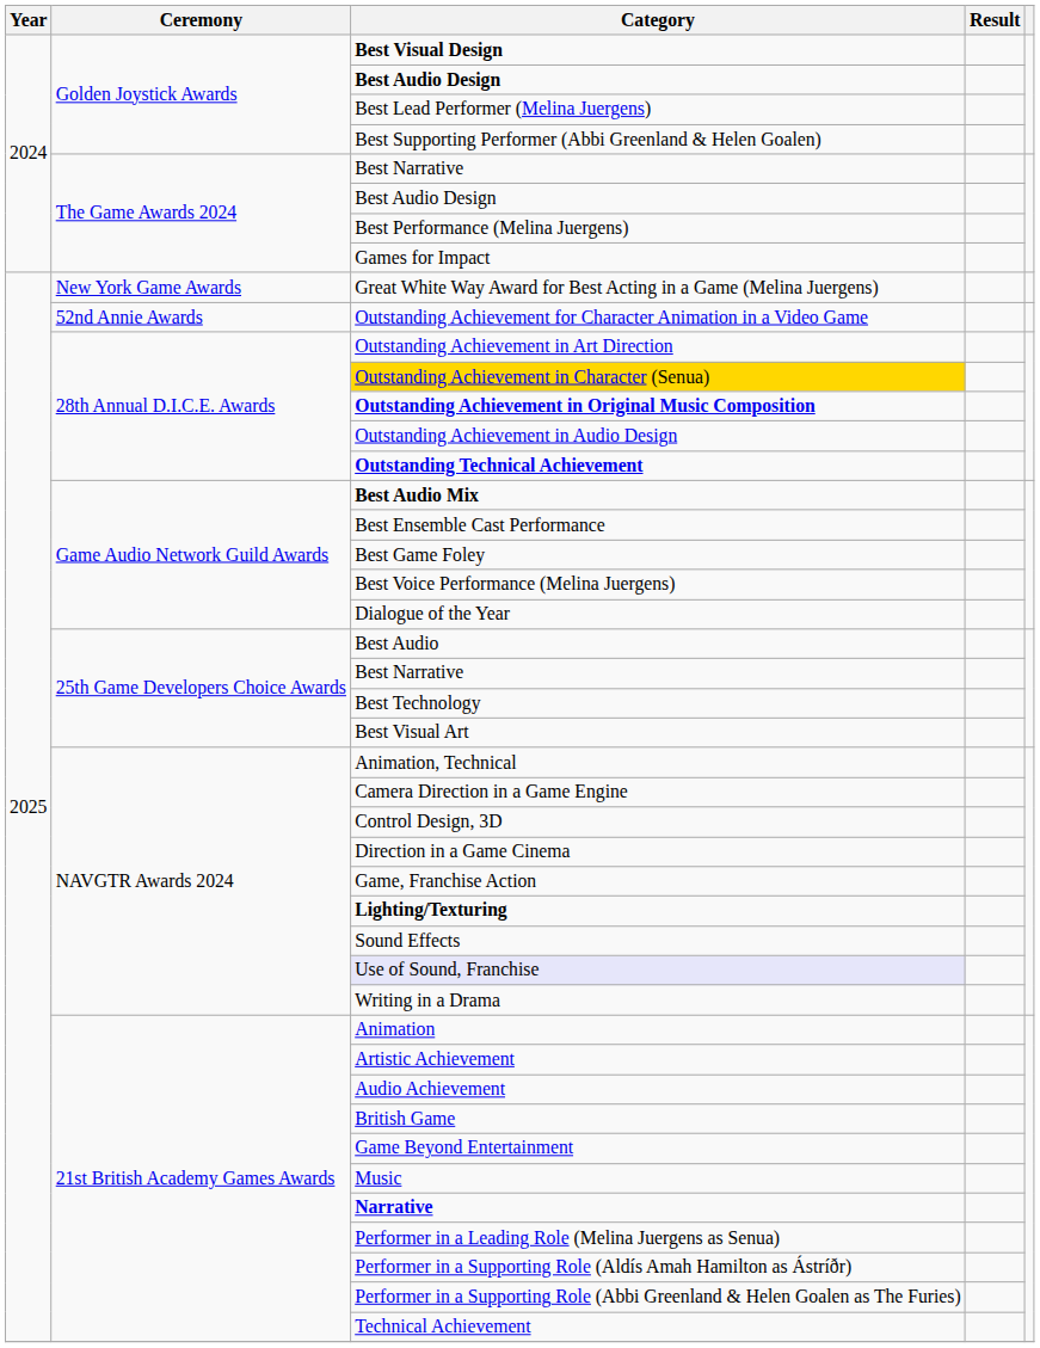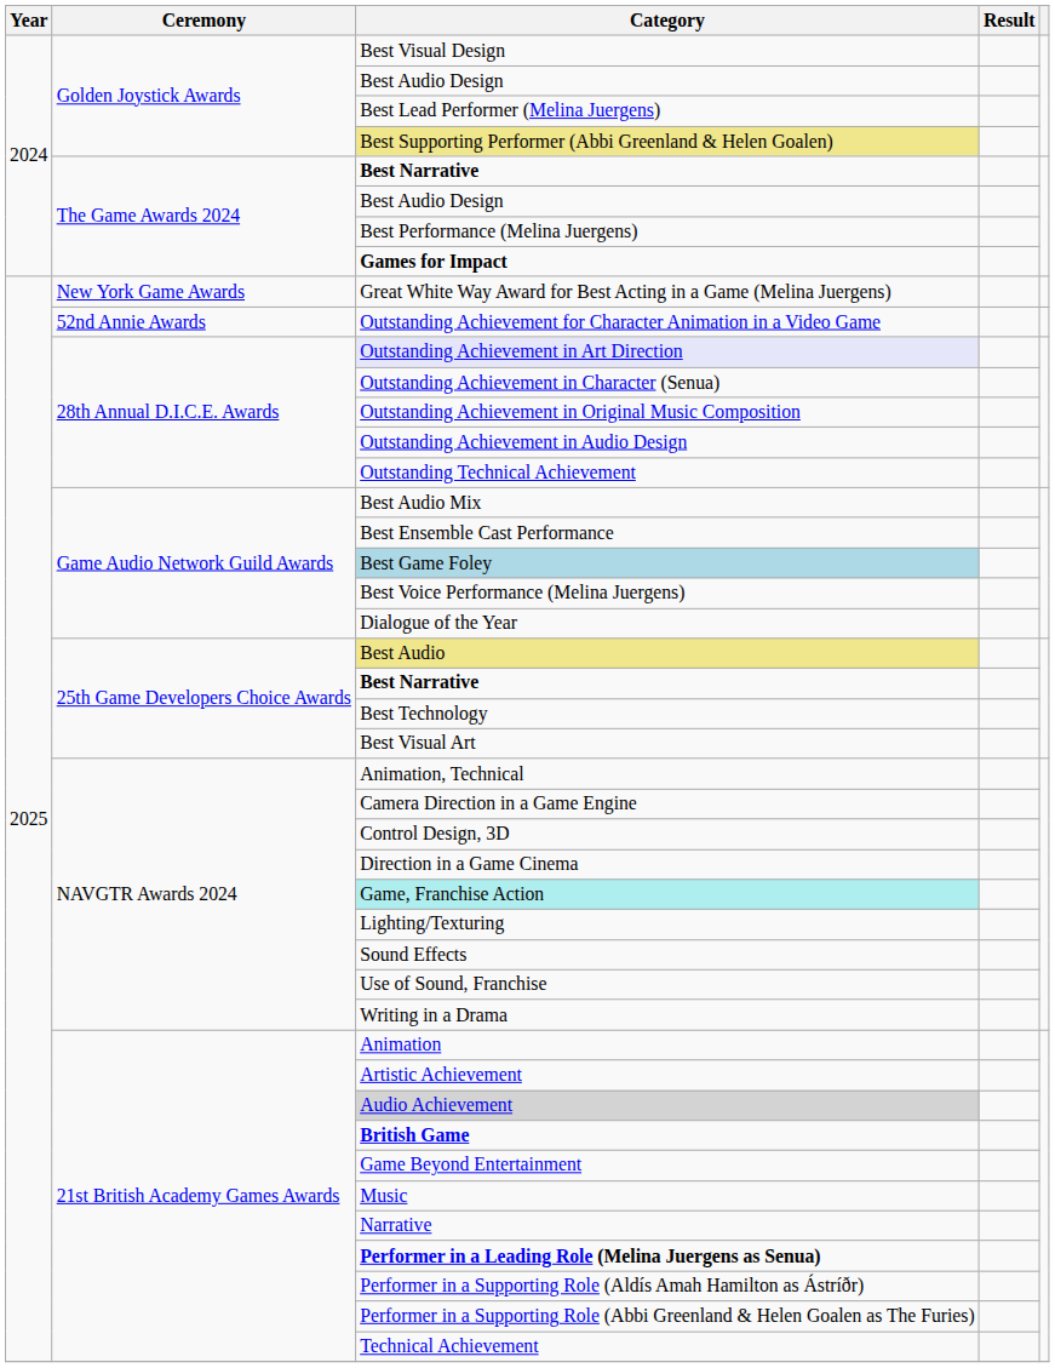 <table class="wikitable plainrowheaders sortable" width="auto">
 <tr>
 <th scope="col">Year</th>
 <th scope="col">Ceremony</th>
 <th scope="col">Category</th>
 <th scope="col">Result</th>
 <th scope="col" class="unsortable"></th>
 </tr>
 <tr>
 <td style="text-align:center;" rowspan="8">2024</td>
 <td rowspan="4"><a href='#'>Golden Joystick Awards</a></td>
-<td><strong>Best Visual Design</strong></td>
+<td>Best Visual Design</td>
 <td></td>
 <td style="text-align:center;" rowspan="4"></td>
 </tr>
 <tr>
-<td><strong>Best Audio Design</strong></td>
+<td>Best Audio Design</td>
 <td></td>
 </tr>
 <tr>
 <td>Best Lead Performer (<a href='#'>Melina Juergens</a>)</td>
 <td></td>
 </tr>
 <tr>
-<td>Best Supporting Performer (Abbi Greenland & Helen Goalen)</td>
+<td style="background: khaki;">Best Supporting Performer (Abbi Greenland & Helen Goalen)</td>
 <td></td>
 </tr>
 <tr>
 <td rowspan="4"><a href='#'>The Game Awards 2024</a></td>
-<td>Best Narrative</td>
+<td><strong>Best Narrative</strong></td>
 <td></td>
 <td rowspan="4" style="text-align:center;"></td>
 </tr>
 <tr>
 <td>Best Audio Design</td>
 <td></td>
 </tr>
 <tr>
 <td>Best Performance (Melina Juergens)</td>
 <td></td>
 </tr>
 <tr>
-<td>Games for Impact</td>
+<td><strong>Games for Impact</strong></td>
 <td></td>
 </tr>
 <tr>
 <td rowspan="36" style="text-align:center;">2025</td>
 <td><a href='#'>New York Game Awards</a></td>
 <td>Great White Way Award for Best Acting in a Game (Melina Juergens)</td>
 <td></td>
 <td style="text-align:center;"></td>
 </tr>
 <tr>
 <td><a href='#'>52nd Annie Awards</a></td>
 <td><a href='#'>Outstanding Achievement for Character Animation in a Video Game</a></td>
 <td></td>
 <td style="text-align:center;"></td>
 </tr>
 <tr>
 <td rowspan="5"><a href='#'>28th Annual D.I.C.E. Awards</a></td>
-<td><a href='#'>Outstanding Achievement in Art Direction</a></td>
+<td style="background: lavender;"><a href='#'>Outstanding Achievement in Art Direction</a></td>
 <td></td>
 <td rowspan="5" style="text-align:center;"></td>
 </tr>
 <tr>
-<td style="background: gold;"><a href='#'>Outstanding Achievement in Character</a> (Senua)</td>
+<td><a href='#'>Outstanding Achievement in Character</a> (Senua)</td>
 <td></td>
 </tr>
 <tr>
-<td><strong><a href='#'>Outstanding Achievement in Original Music Composition</a></strong></td>
+<td><a href='#'>Outstanding Achievement in Original Music Composition</a></td>
 <td></td>
 </tr>
 <tr>
 <td><a href='#'>Outstanding Achievement in Audio Design</a></td>
 <td></td>
 </tr>
 <tr>
-<td><strong><a href='#'>Outstanding Technical Achievement</a></strong></td>
+<td><a href='#'>Outstanding Technical Achievement</a></td>
 <td></td>
 </tr>
 <tr>
 <td rowspan="5"><a href='#'>Game Audio Network Guild Awards</a></td>
-<td><strong>Best Audio Mix</strong></td>
+<td>Best Audio Mix</td>
 <td></td>
 <td rowspan="5" style="text-align:center;"></td>
 </tr>
 <tr>
 <td>Best Ensemble Cast Performance</td>
 <td></td>
 </tr>
 <tr>
-<td>Best Game Foley</td>
+<td style="background: lightblue;">Best Game Foley</td>
 <td></td>
 </tr>
 <tr>
 <td>Best Voice Performance (Melina Juergens)</td>
 <td></td>
 </tr>
 <tr>
 <td>Dialogue of the Year</td>
 <td></td>
 </tr>
 <tr>
 <td rowspan="4"><a href='#'>25th Game Developers Choice Awards</a></td>
-<td>Best Audio</td>
+<td style="background: khaki;">Best Audio</td>
 <td></td>
 <td rowspan="4" style="text-align:center;"></td>
 </tr>
 <tr>
-<td>Best Narrative</td>
+<td><strong>Best Narrative</strong></td>
 <td></td>
 </tr>
 <tr>
 <td>Best Technology</td>
 <td></td>
 </tr>
 <tr>
 <td>Best Visual Art</td>
 <td></td>
 </tr>
 <tr>
 <td rowspan="9">NAVGTR Awards 2024</td>
 <td>Animation, Technical</td>
 <td></td>
 <td align="center" rowspan="9"></td>
 </tr>
 <tr>
 <td>Camera Direction in a Game Engine</td>
 <td></td>
 </tr>
 <tr>
 <td>Control Design, 3D</td>
 <td></td>
 </tr>
 <tr>
 <td>Direction in a Game Cinema</td>
 <td></td>
 </tr>
 <tr>
-<td>Game, Franchise Action</td>
+<td style="background: paleturquoise;">Game, Franchise Action</td>
 <td></td>
 </tr>
 <tr>
-<td><strong>Lighting/Texturing</strong></td>
+<td>Lighting/Texturing</td>
 <td></td>
 </tr>
 <tr>
 <td>Sound Effects</td>
 <td></td>
 </tr>
 <tr>
-<td style="background: lavender;">Use of Sound, Franchise</td>
+<td>Use of Sound, Franchise</td>
 <td></td>
 </tr>
 <tr>
 <td>Writing in a Drama</td>
 <td></td>
 </tr>
 <tr>
 <td rowspan="11"><a href='#'>21st British Academy Games Awards</a></td>
 <td><a href='#'>Animation</a></td>
 <td></td>
 <td align="center" rowspan="11"></td>
 </tr>
 <tr>
 <td><a href='#'>Artistic Achievement</a></td>
 <td></td>
 </tr>
 <tr>
-<td><a href='#'>Audio Achievement</a></td>
+<td style="background: lightgrey;"><a href='#'>Audio Achievement</a></td>
 <td></td>
 </tr>
 <tr>
-<td><a href='#'>British Game</a></td>
+<td><strong><a href='#'>British Game</a></strong></td>
 <td></td>
 </tr>
 <tr>
 <td><a href='#'>Game Beyond Entertainment</a></td>
 <td></td>
 </tr>
 <tr>
 <td><a href='#'>Music</a></td>
 <td></td>
 </tr>
 <tr>
-<td><strong><a href='#'>Narrative</a></strong></td>
+<td><a href='#'>Narrative</a></td>
 <td></td>
 </tr>
 <tr>
-<td><a href='#'>Performer in a Leading Role</a> (Melina Juergens as Senua)</td>
+<td><strong><a href='#'>Performer in a Leading Role</a> (Melina Juergens as Senua)</strong></td>
 <td></td>
 </tr>
 <tr>
 <td><a href='#'>Performer in a Supporting Role</a> (Aldís Amah Hamilton as Ástríðr)</td>
 <td></td>
 </tr>
 <tr>
 <td><a href='#'>Performer in a Supporting Role</a> (Abbi Greenland & Helen Goalen as The Furies)</td>
 <td></td>
 </tr>
 <tr>
 <td><a href='#'>Technical Achievement</a></td>
 <td></td>
 </tr>
 <tr>
 </tr>
 </table>
